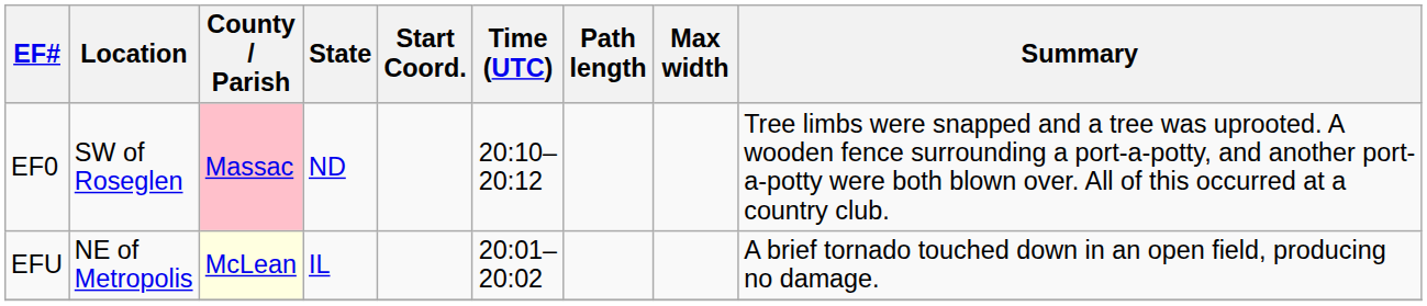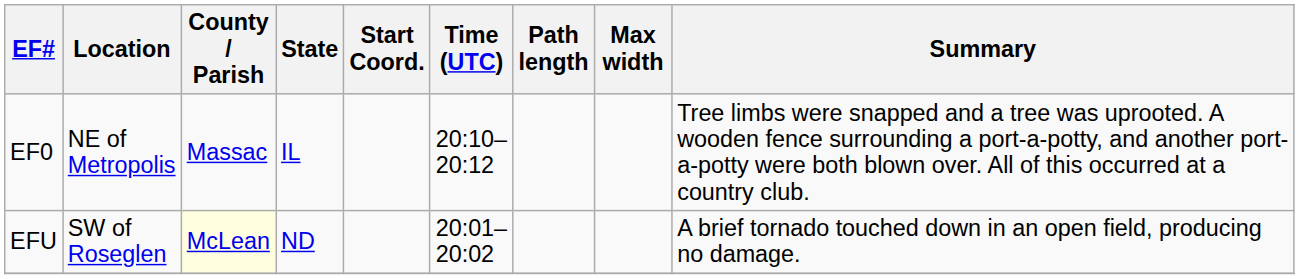 <table class="wikitable sortable" style="width:100%;">
 <tr>
 <th scope="col"  style="width:3%; text-align:center;"><a href='#'>EF#</a></th>
 <th scope="col"  style="width:7%; text-align:center;" class="unsortable">Location</th>
 <th scope="col"  style="width:6%; text-align:center;" class="unsortable">County / Parish</th>
 <th scope="col"  style="width:5%; text-align:center;">State</th>
 <th scope="col"  style="width:6%; text-align:center;">Start Coord.</th>
 <th scope="col"  style="width:6%; text-align:center;">Time (<a href='#'>UTC</a>)</th>
 <th scope="col"  style="width:6%; text-align:center;">Path length</th>
 <th scope="col"  style="width:6%; text-align:center;">Max width</th>
 <th scope="col" class="unsortable" style="width:48%; text-align:center;">Summary</th>
 </tr>
 <tr>
 <td>EF0</td>
-<td>SW of <a href='#'>Roseglen</a></td>
-<td style="background: pink;"><a href='#'>Massac</a></td>
-<td><a href='#'>ND</a></td>
+<td>NE of <a href='#'>Metropolis</a></td>
+<td><a href='#'>Massac</a></td>
+<td><a href='#'>IL</a></td>
 <td></td>
 <td>20:10–20:12</td>
 <td></td>
 <td></td>
 <td>Tree limbs were snapped and a tree was uprooted. A wooden fence surrounding a port-a-potty, and another port-a-potty were both blown over. All of this occurred at a country club.</td>
 </tr>
 <tr>
 <td>EFU</td>
-<td>NE of <a href='#'>Metropolis</a></td>
+<td>SW of <a href='#'>Roseglen</a></td>
 <td style="background: lightyellow;"><a href='#'>McLean</a></td>
-<td><a href='#'>IL</a></td>
+<td><a href='#'>ND</a></td>
 <td></td>
 <td>20:01–20:02</td>
 <td></td>
 <td></td>
 <td>A brief tornado touched down in an open field, producing no damage.</td>
 </tr>
 <tr>
 </tr>
 </table>
